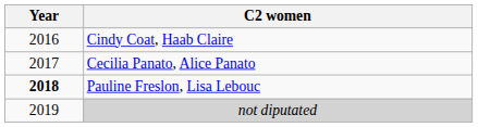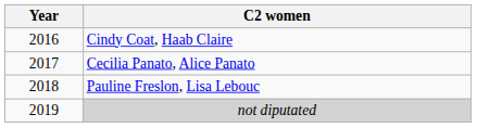 <table class="wikitable" width=40% style="font-size:100%; text-align:left;">
 <tr>
 <th>Year</th>
 <th>C2 women</th>
 </tr>
 <tr>
 <td align=center>2016</td>
 <td> <a href='#'>Cindy Coat</a>, <a href='#'>Haab Claire</a></td>
 </tr>
 <tr>
 <td align=center>2017</td>
 <td> <a href='#'>Cecilia Panato</a>, <a href='#'>Alice Panato</a></td>
 </tr>
 <tr>
-<td align=center><strong>2018</strong></td>
+<td align=center>2018</td>
 <td> <a href='#'>Pauline Freslon</a>, <a href='#'>Lisa Lebouc</a></td>
 </tr>
 <tr>
 <td align=center>2019</td>
 <td align=center bgcolor=lightgrey><em>not diputated</em></td>
 </tr>
 </table>
